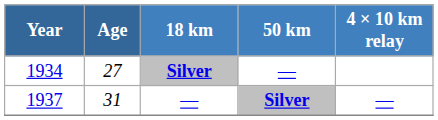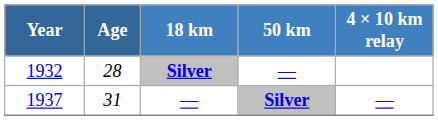 <table class="wikitable" style="font-size:95%; text-align:center; border:grey solid 1px; border-collapse:collapse; background:#ffffff;">
 <tr>
 <th style="background-color:#369; color:white; width:60px;"> Year </th>
 <th style="background-color:#369; color:white; width:40px;"> Age </th>
 <th style="background-color:#4180be; color:white; width:75px;"> 18 km </th>
 <th style="background-color:#4180be; color:white; width:75px;"> 50 km </th>
 <th style="background-color:#4180be; color:white; width:75px;"> 4 × 10 km <br> relay </th>
 </tr>
 <tr>
-<td><a href='#'>1934</a></td>
-<td><em>27</em></td>
+<td><a href='#'>1932</a></td>
+<td><em>28</em></td>
 <td style="background:silver;"><a href='#'><strong>Silver</strong></a></td>
 <td><a href='#'>—</a></td>
 <td></td>
 </tr>
 <tr>
 <td><a href='#'>1937</a></td>
 <td><em>31</em></td>
 <td><a href='#'>—</a></td>
 <td style="background:silver;"><a href='#'><strong>Silver</strong></a></td>
 <td><a href='#'>—</a></td>
 </tr>
 <tr>
 </tr>
 </table>
